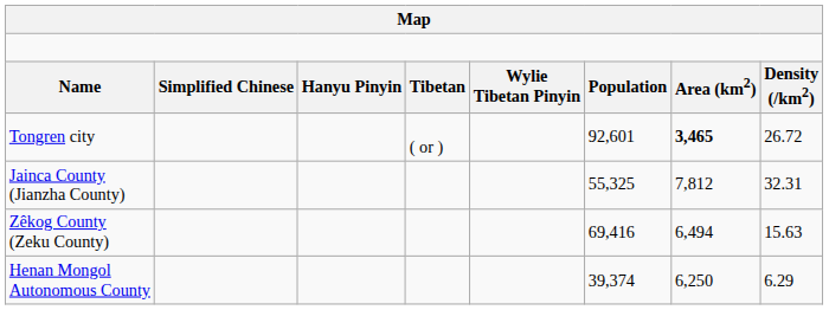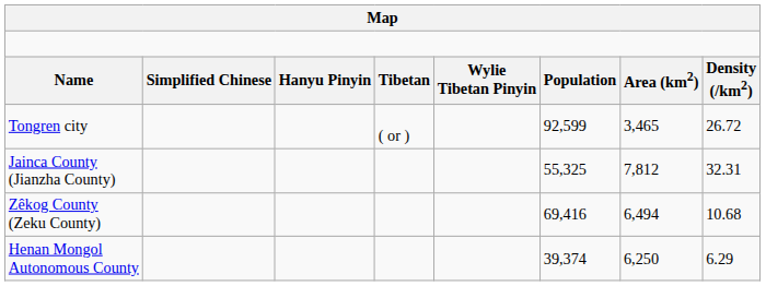 <table class="wikitable"  style="font-size:90%;" align=center>
 <tr>
 <th colspan="9" align="center">Map</th>
 </tr>
 <tr>
 <td colspan="9" align="center"><div><br>       </div></td>
 </tr>
 <tr>
 <th>Name</th>
 <th>Simplified Chinese</th>
 <th>Hanyu Pinyin</th>
 <th>Tibetan</th>
 <th>Wylie<br>Tibetan Pinyin</th>
 <th>Population<br></th>
 <th>Area (km<sup>2</sup>)</th>
 <th>Density<br>(/km<sup>2</sup>)</th>
 </tr>
 <tr>
 <td><a href='#'>Tongren</a> city</td>
 <td></td>
 <td></td>
 <td> <br>( or )</td>
 <td><br></td>
-<td>92,601</td>
-<td><strong>3,465</strong></td>
+<td>92,599</td>
+<td>3,465</td>
 <td>26.72</td>
 </tr>
 <tr>
 <td><a href='#'>Jainca County</a><br>(Jianzha County)</td>
 <td></td>
 <td></td>
 <td></td>
 <td><br></td>
 <td>55,325</td>
 <td>7,812</td>
 <td>32.31</td>
 </tr>
 <tr>
 <td><a href='#'>Zêkog County</a><br>(Zeku County)</td>
 <td></td>
 <td></td>
 <td></td>
 <td><br></td>
 <td>69,416</td>
 <td>6,494</td>
-<td>15.63</td>
+<td>10.68</td>
 </tr>
 <tr>
 <td><a href='#'>Henan Mongol<br>Autonomous County</a></td>
 <td></td>
 <td></td>
 <td></td>
 <td><br></td>
 <td>39,374</td>
 <td>6,250</td>
 <td>6.29</td>
 </tr>
 </table>
